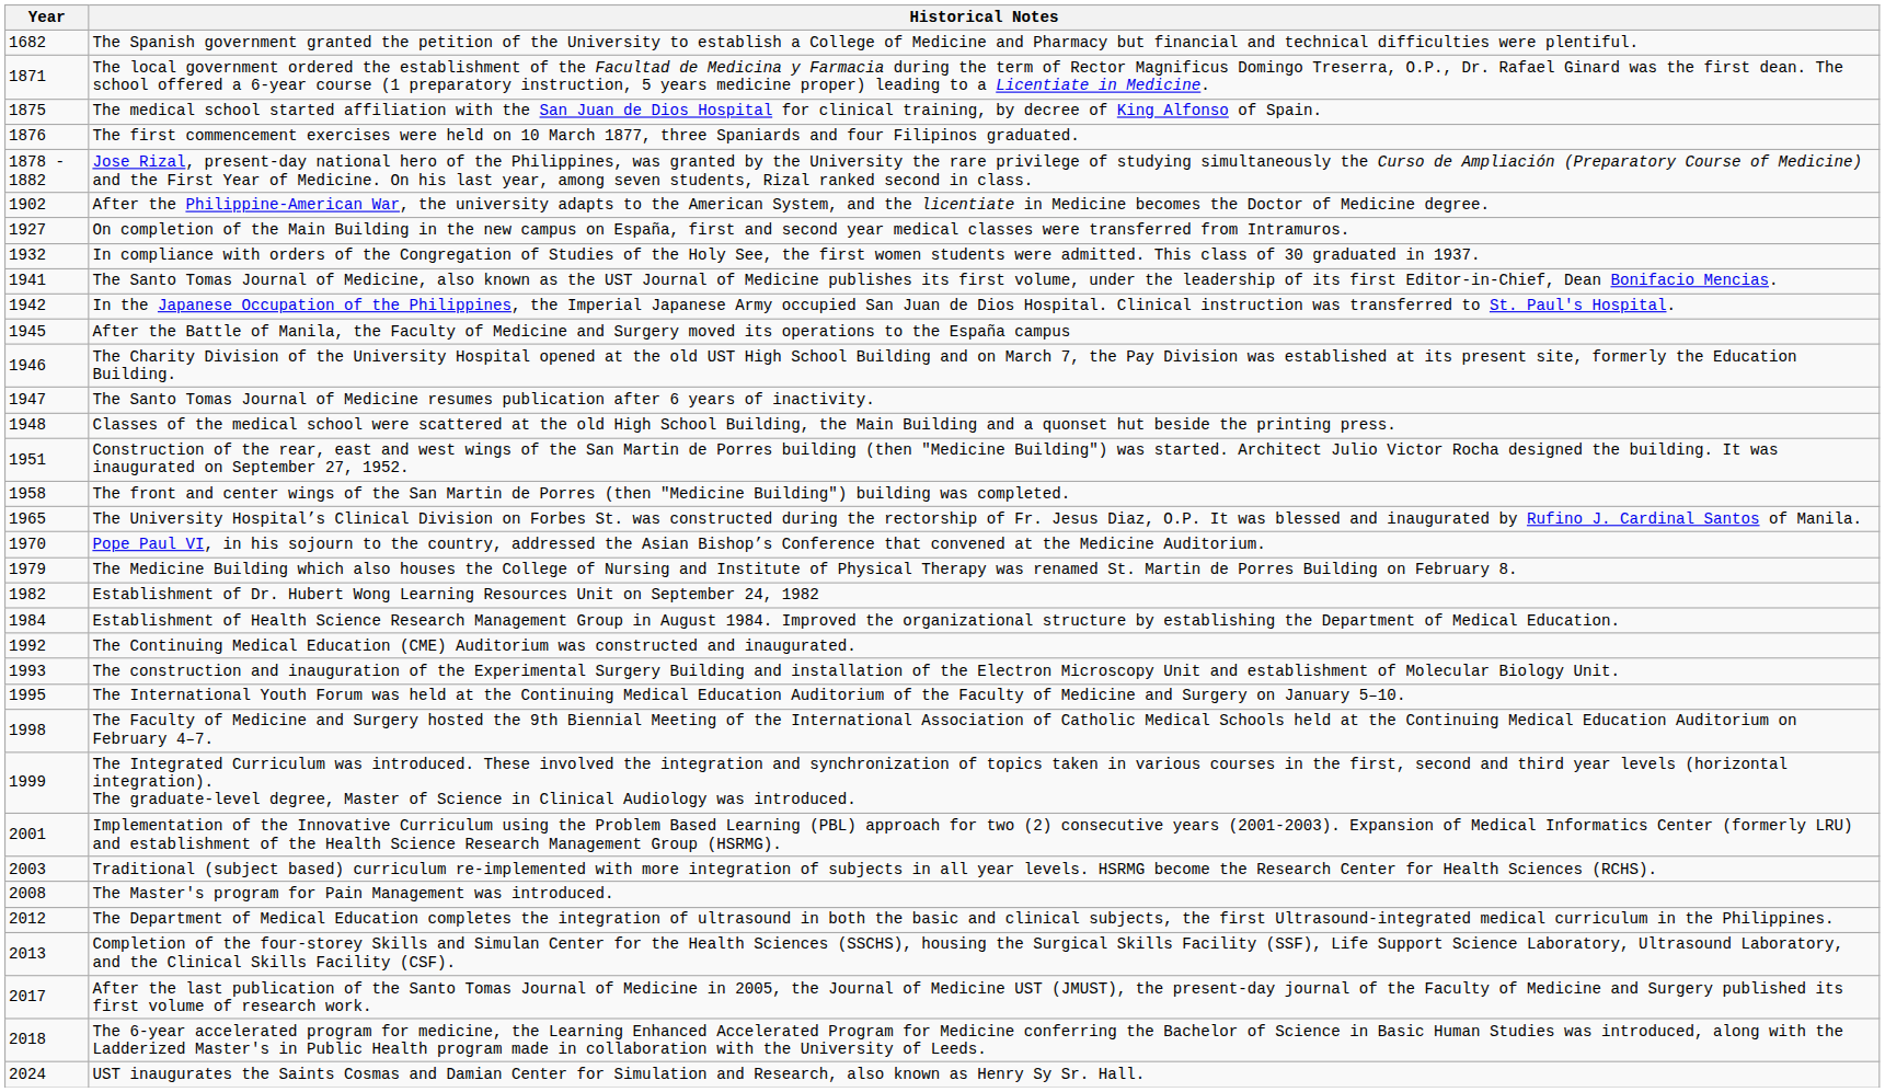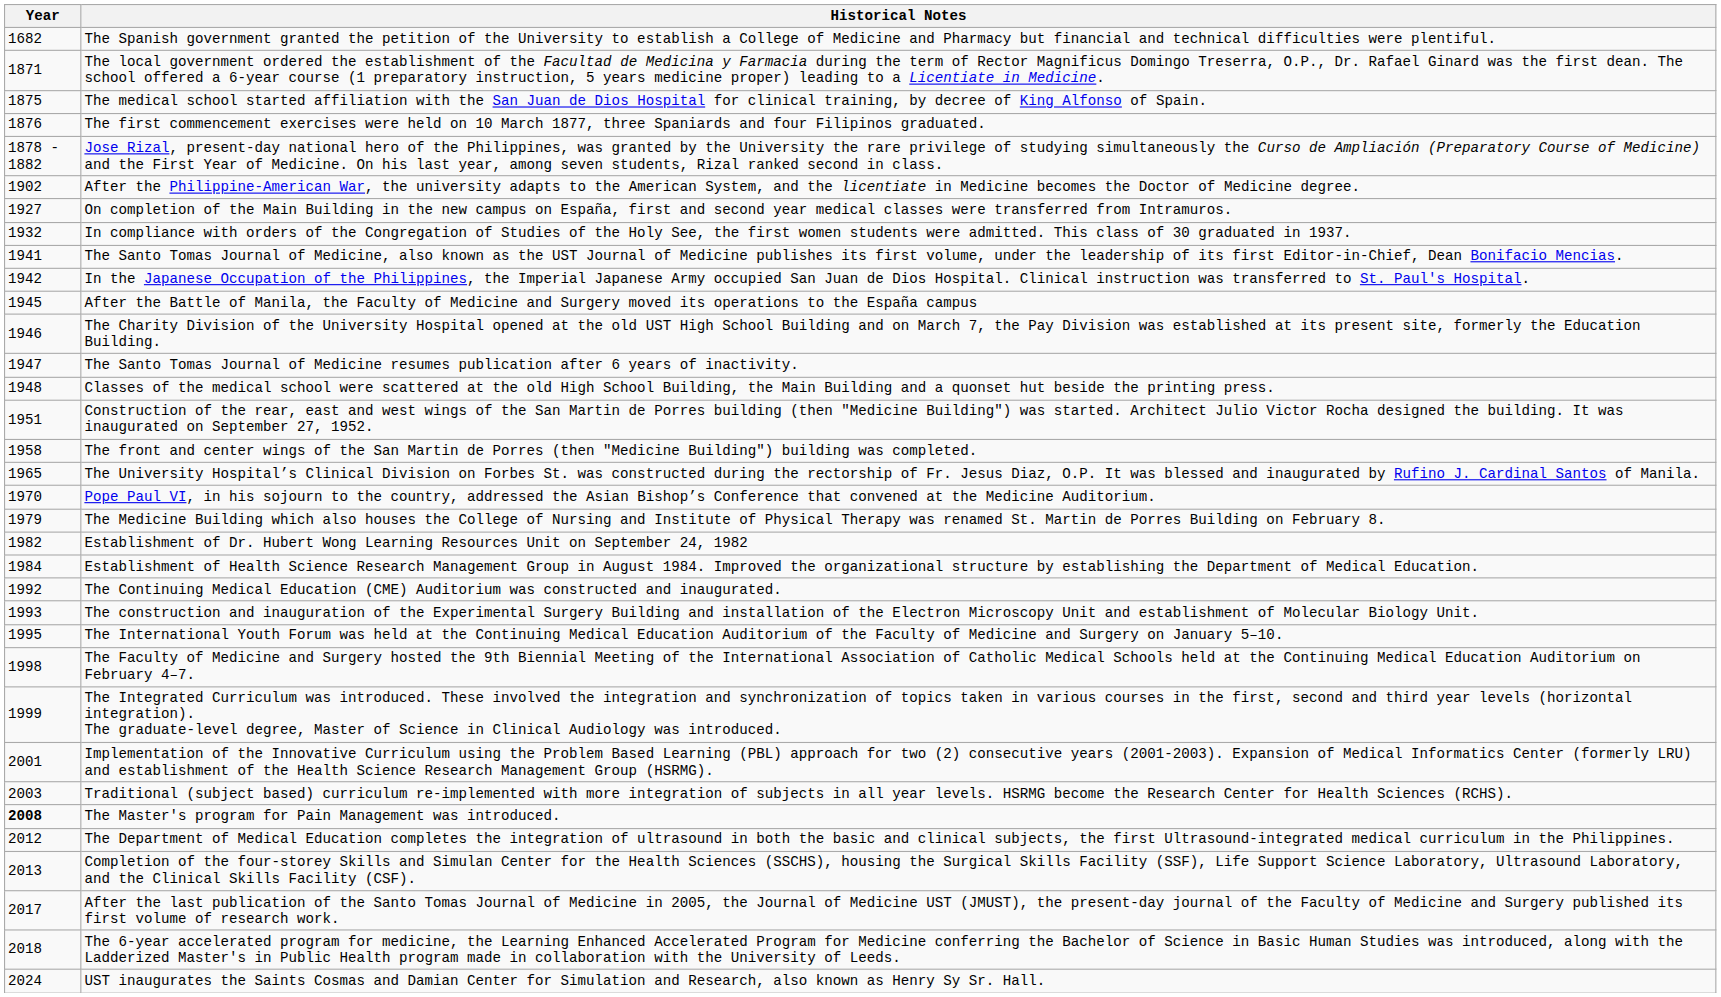 <table class="wikitable">
 <tr>
 <th>Year</th>
 <th>Historical Notes</th>
 </tr>
 <tr>
 <td>1682</td>
 <td>The Spanish government granted the petition of the University to establish a College of Medicine and Pharmacy but financial and technical difficulties were plentiful.</td>
 </tr>
 <tr>
 <td>1871</td>
 <td>The local government ordered the establishment of the <em>Facultad de Medicina y Farmacia</em> during the term of Rector Magnificus Domingo Treserra, O.P., Dr. Rafael Ginard was the first dean. The school offered a 6-year course (1 preparatory instruction, 5 years medicine proper) leading to a <a href='#'><em>Licentiate in Medicine</em></a>.</td>
 </tr>
 <tr>
 <td>1875</td>
 <td>The medical school started affiliation with the <a href='#'>San Juan de Dios Hospital</a> for clinical training, by decree of <a href='#'>King Alfonso</a> of Spain.</td>
 </tr>
 <tr>
 <td>1876</td>
 <td>The first commencement exercises were held on 10 March 1877, three Spaniards and four Filipinos graduated.</td>
 </tr>
 <tr>
 <td>1878 - 1882</td>
 <td><a href='#'>Jose Rizal</a>, present-day national hero of the Philippines, was granted by the University the rare privilege of studying simultaneously the <em>Curso de Ampliación (Preparatory Course of Medicine)</em> and the First Year of Medicine. On his last year, among seven students, Rizal ranked second in class.</td>
 </tr>
 <tr>
 <td>1902</td>
 <td>After the <a href='#'>Philippine-American War</a>, the university adapts to the American System, and the <em>licentiate</em> in Medicine becomes the Doctor of Medicine degree.</td>
 </tr>
 <tr>
 <td>1927</td>
 <td>On completion of the Main Building in the new campus on España, first and second year medical classes were transferred from Intramuros.</td>
 </tr>
 <tr>
 <td>1932</td>
 <td>In compliance with orders of the Congregation of Studies of the Holy See, the first women students were admitted. This class of 30 graduated in 1937.</td>
 </tr>
 <tr>
 <td>1941</td>
 <td>The Santo Tomas Journal of Medicine, also known as the UST Journal of Medicine publishes its first volume, under the leadership of its first Editor-in-Chief, Dean <a href='#'>Bonifacio Mencias</a>.</td>
 </tr>
 <tr>
 <td>1942</td>
 <td>In the <a href='#'>Japanese Occupation of the Philippines</a>, the Imperial Japanese Army occupied San Juan de Dios Hospital. Clinical instruction was transferred to <a href='#'>St. Paul's Hospital</a>.</td>
 </tr>
 <tr>
 <td>1945</td>
 <td>After the Battle of Manila, the Faculty of Medicine and Surgery moved its operations to the España campus</td>
 </tr>
 <tr>
 <td>1946</td>
 <td>The Charity Division of the University Hospital opened at the old UST High School Building and on March 7, the Pay Division was established at its present site, formerly the Education Building.</td>
 </tr>
 <tr>
 <td>1947</td>
 <td>The Santo Tomas Journal of Medicine resumes publication after 6 years of inactivity.</td>
 </tr>
 <tr>
 <td>1948</td>
 <td>Classes of the medical school were scattered at the old High School Building, the Main Building and a quonset hut beside the printing press.</td>
 </tr>
 <tr>
 <td>1951</td>
 <td>Construction of the rear, east and west wings of the San Martin de Porres building (then "Medicine Building") was started. Architect Julio Victor Rocha designed the building. It was inaugurated on September 27, 1952.</td>
 </tr>
 <tr>
 <td>1958</td>
 <td>The front and center wings of the San Martin de Porres (then "Medicine Building") building was completed.</td>
 </tr>
 <tr>
 <td>1965</td>
 <td>The University Hospital’s Clinical Division on Forbes St. was constructed during the rectorship of Fr. Jesus Diaz, O.P. It was blessed and inaugurated by <a href='#'>Rufino J. Cardinal Santos</a> of Manila.</td>
 </tr>
 <tr>
 <td>1970</td>
 <td><a href='#'>Pope Paul VI</a>, in his sojourn to the country, addressed the Asian Bishop’s Conference that convened at the Medicine Auditorium.</td>
 </tr>
 <tr>
 <td>1979</td>
 <td>The Medicine Building which also houses the College of Nursing and Institute of Physical Therapy was renamed St. Martin de Porres Building on February 8.</td>
 </tr>
 <tr>
 <td>1982</td>
 <td>Establishment of Dr. Hubert Wong Learning Resources Unit on September 24, 1982</td>
 </tr>
 <tr>
 <td>1984</td>
 <td>Establishment of Health Science Research Management Group in August 1984. Improved the organizational structure by establishing the Department of Medical Education.</td>
 </tr>
 <tr>
 <td>1992</td>
 <td>The Continuing Medical Education (CME) Auditorium was constructed and inaugurated.</td>
 </tr>
 <tr>
 <td>1993</td>
 <td>The construction and inauguration of the Experimental Surgery Building and installation of the Electron Microscopy Unit and establishment of Molecular Biology Unit.</td>
 </tr>
 <tr>
 <td>1995</td>
 <td>The International Youth Forum was held at the Continuing Medical Education Auditorium of the Faculty of Medicine and Surgery on January 5–10.</td>
 </tr>
 <tr>
 <td>1998</td>
 <td>The Faculty of Medicine and Surgery hosted the 9th Biennial Meeting of the International Association of Catholic Medical Schools held at the Continuing Medical Education Auditorium on February 4–7.</td>
 </tr>
 <tr>
 <td>1999</td>
 <td>The Integrated Curriculum was introduced. These involved the integration and synchronization of topics taken in various courses in the first, second and third year levels (horizontal integration).<br>The graduate-level degree, Master of Science in Clinical Audiology was introduced.</td>
 </tr>
 <tr>
 <td>2001</td>
 <td>Implementation of the Innovative Curriculum using the Problem Based Learning (PBL) approach for two (2) consecutive years (2001-2003). Expansion of Medical Informatics Center (formerly LRU) and establishment of the Health Science Research Management Group (HSRMG).</td>
 </tr>
 <tr>
 <td>2003</td>
 <td>Traditional (subject based) curriculum re-implemented with more integration of subjects in all year levels. HSRMG become the Research Center for Health Sciences (RCHS).</td>
 </tr>
 <tr>
-<td>2008</td>
+<td><strong>2008</strong></td>
 <td>The Master's program for Pain Management was introduced.</td>
 </tr>
 <tr>
 <td>2012</td>
 <td>The Department of Medical Education completes the integration of ultrasound in both the basic and clinical subjects, the first Ultrasound-integrated medical curriculum in the Philippines.</td>
 </tr>
 <tr>
 <td>2013</td>
 <td>Completion of the four-storey Skills and Simulan Center for the Health Sciences (SSCHS), housing the Surgical Skills Facility (SSF), Life Support Science Laboratory, Ultrasound Laboratory, and the Clinical Skills Facility (CSF).</td>
 </tr>
 <tr>
 <td>2017</td>
 <td>After the last publication of the Santo Tomas Journal of Medicine in 2005, the Journal of Medicine UST (JMUST), the present-day journal of the Faculty of Medicine and Surgery published its first volume of research work.</td>
 </tr>
 <tr>
 <td>2018</td>
 <td>The 6-year accelerated program for medicine, the Learning Enhanced Accelerated Program for Medicine conferring the Bachelor of Science in Basic Human Studies was introduced, along with the Ladderized Master's in Public Health program made in collaboration with the University of Leeds.</td>
 </tr>
 <tr>
 <td>2024</td>
 <td>UST inaugurates the Saints Cosmas and Damian Center for Simulation and Research, also known as Henry Sy Sr. Hall.</td>
 </tr>
 </table>
